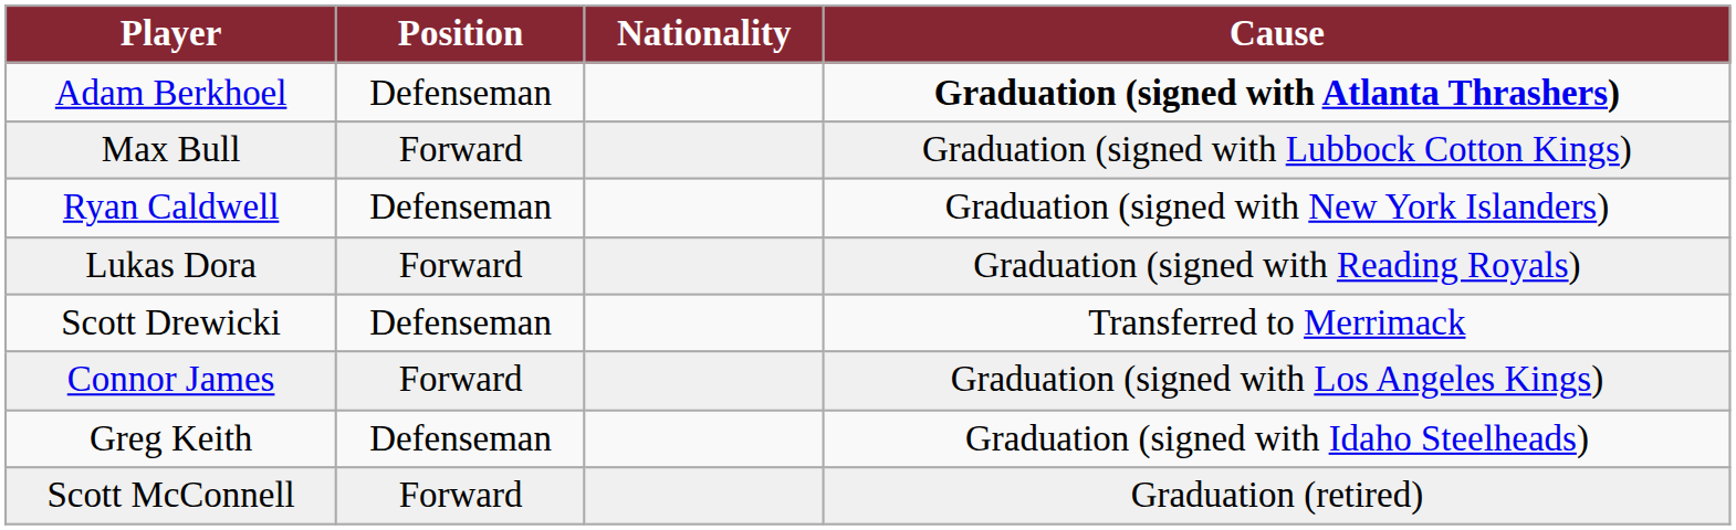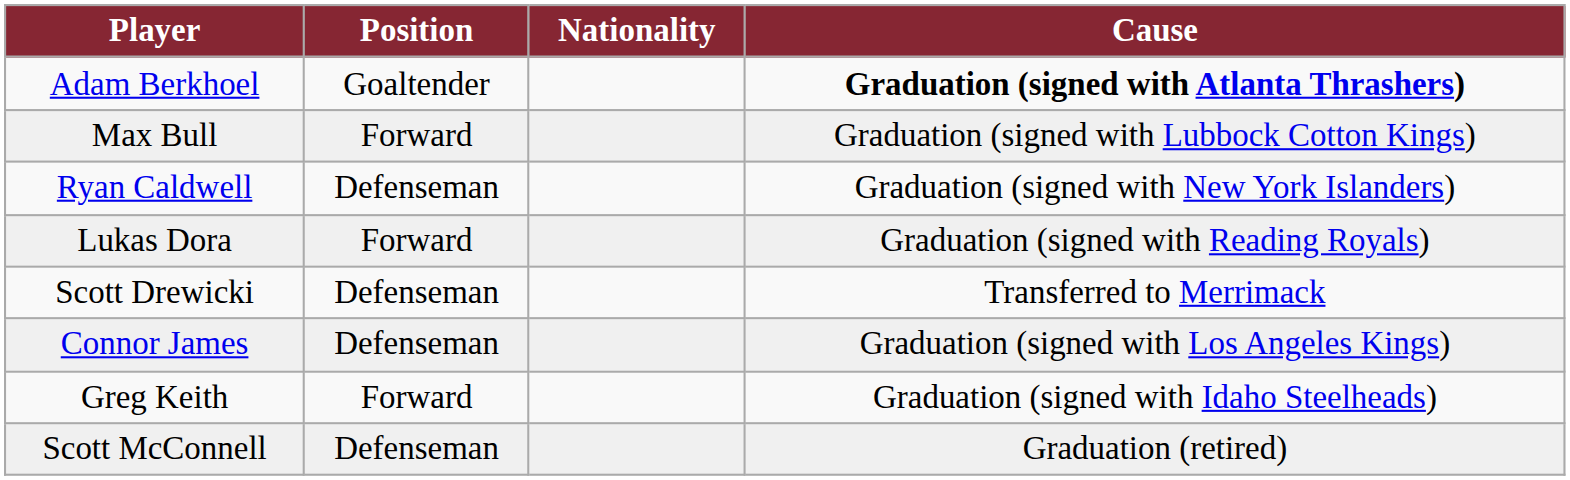 <table class="wikitable" width="60%">
 <tr>
 <th style="color:white; background:#862633; ">Player</th>
 <th style="color:white; background:#862633; ">Position</th>
 <th style="color:white; background:#862633; ">Nationality</th>
 <th style="color:white; background:#862633; ">Cause</th>
 </tr>
 <tr align="center" bgcolor="">
 <td><a href='#'>Adam Berkhoel</a></td>
-<td>Defenseman</td>
+<td>Goaltender</td>
 <td></td>
 <td><strong>Graduation (signed with <a href='#'>Atlanta Thrashers</a>)</strong></td>
 </tr>
 <tr align="center" bgcolor="f0f0f0">
 <td>Max Bull</td>
 <td>Forward</td>
 <td></td>
 <td>Graduation (signed with <a href='#'>Lubbock Cotton Kings</a>)</td>
 </tr>
 <tr align="center" bgcolor="">
 <td><a href='#'>Ryan Caldwell</a></td>
 <td>Defenseman</td>
 <td></td>
 <td>Graduation (signed with <a href='#'>New York Islanders</a>)</td>
 </tr>
 <tr align="center" bgcolor="f0f0f0">
 <td>Lukas Dora</td>
 <td>Forward</td>
 <td></td>
 <td>Graduation (signed with <a href='#'>Reading Royals</a>)</td>
 </tr>
 <tr align="center" bgcolor="">
 <td>Scott Drewicki</td>
 <td>Defenseman</td>
 <td></td>
 <td>Transferred to <a href='#'>Merrimack</a></td>
 </tr>
 <tr align="center" bgcolor="f0f0f0">
 <td><a href='#'>Connor James</a></td>
-<td>Forward</td>
+<td>Defenseman</td>
 <td></td>
 <td>Graduation (signed with <a href='#'>Los Angeles Kings</a>)</td>
 </tr>
 <tr align="center" bgcolor="">
 <td>Greg Keith</td>
-<td>Defenseman</td>
+<td>Forward</td>
 <td></td>
 <td>Graduation (signed with <a href='#'>Idaho Steelheads</a>)</td>
 </tr>
 <tr align="center" bgcolor="f0f0f0">
 <td>Scott McConnell</td>
-<td>Forward</td>
+<td>Defenseman</td>
 <td></td>
 <td>Graduation (retired)</td>
 </tr>
 </table>
